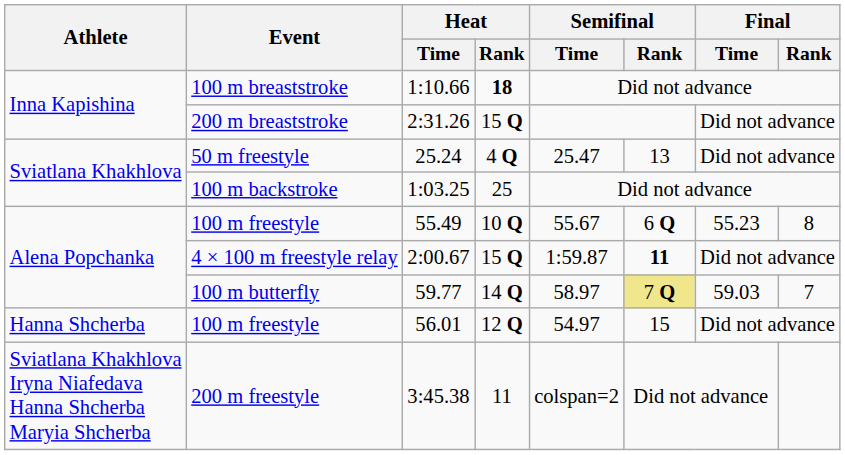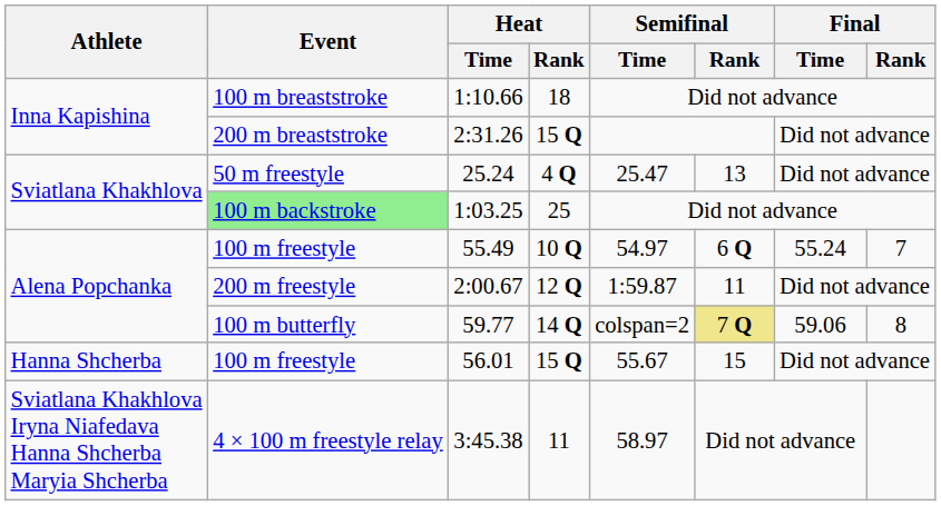 <table class=wikitable style="font-size:90%">
 <tr>
 <th rowspan="2">Athlete</th>
 <th rowspan="2">Event</th>
 <th colspan="2">Heat</th>
 <th colspan="2">Semifinal</th>
 <th colspan="2">Final</th>
 </tr>
 <tr style="font-size:95%">
 <th>Time</th>
 <th>Rank</th>
 <th>Time</th>
 <th>Rank</th>
 <th>Time</th>
 <th>Rank</th>
 </tr>
 <tr align=center>
 <td align=left rowspan=2><a href='#'>Inna Kapishina</a></td>
 <td align=left><a href='#'>100 m breaststroke</a></td>
 <td>1:10.66</td>
-<td><strong>18</strong></td>
+<td>18</td>
 <td colspan=4>Did not advance</td>
 </tr>
 <tr align=center>
 <td align=left><a href='#'>200 m breaststroke</a></td>
 <td>2:31.26</td>
 <td>15 <strong>Q</strong></td>
 <td colspan=2></td>
 <td colspan=2>Did not advance</td>
 </tr>
 <tr align=center>
 <td align=left rowspan=2><a href='#'>Sviatlana Khakhlova</a></td>
 <td align=left><a href='#'>50 m freestyle</a></td>
 <td>25.24</td>
 <td>4 <strong>Q</strong></td>
 <td>25.47</td>
 <td>13</td>
 <td colspan=2>Did not advance</td>
 </tr>
 <tr align=center>
-<td align=left><a href='#'>100 m backstroke</a></td>
+<td align=left style="background: lightgreen;"><a href='#'>100 m backstroke</a></td>
 <td>1:03.25</td>
 <td>25</td>
 <td colspan=4>Did not advance</td>
 </tr>
 <tr align=center>
 <td align=left rowspan=3><a href='#'>Alena Popchanka</a></td>
 <td align=left><a href='#'>100 m freestyle</a></td>
 <td>55.49</td>
 <td>10 <strong>Q</strong></td>
-<td>55.67</td>
+<td>54.97</td>
 <td>6 <strong>Q</strong></td>
-<td>55.23</td>
-<td>8</td>
+<td>55.24</td>
+<td>7</td>
 </tr>
 <tr align=center>
-<td align=left><a href='#'>4 × 100 m freestyle relay</a></td>
+<td align=left><a href='#'>200 m freestyle</a></td>
 <td>2:00.67</td>
-<td>15 <strong>Q</strong></td>
+<td>12 <strong>Q</strong></td>
 <td>1:59.87</td>
-<td><strong>11</strong></td>
+<td>11</td>
 <td colspan=2>Did not advance</td>
 </tr>
 <tr align=center>
 <td align=left><a href='#'>100 m butterfly</a></td>
 <td>59.77</td>
 <td>14 <strong>Q</strong></td>
-<td>58.97</td>
+<td>colspan=2 </td>
 <td style="background: khaki;">7 <strong>Q</strong></td>
-<td>59.03</td>
-<td>7</td>
+<td>59.06</td>
+<td>8</td>
 </tr>
 <tr align=center>
 <td align=left><a href='#'>Hanna Shcherba</a></td>
 <td align=left><a href='#'>100 m freestyle</a></td>
 <td>56.01</td>
-<td>12 <strong>Q</strong></td>
-<td>54.97</td>
+<td>15 <strong>Q</strong></td>
+<td>55.67</td>
 <td>15</td>
 <td colspan=2>Did not advance</td>
 </tr>
 <tr align=center>
 <td align=left><a href='#'>Sviatlana Khakhlova</a><br><a href='#'>Iryna Niafedava</a><br><a href='#'>Hanna Shcherba</a><br><a href='#'>Maryia Shcherba</a></td>
-<td align=left><a href='#'>200 m freestyle</a></td>
+<td align=left><a href='#'>4 × 100 m freestyle relay</a></td>
 <td>3:45.38</td>
 <td>11</td>
-<td>colspan=2 </td>
+<td>58.97</td>
 <td colspan=2>Did not advance</td>
 </tr>
 </table>
